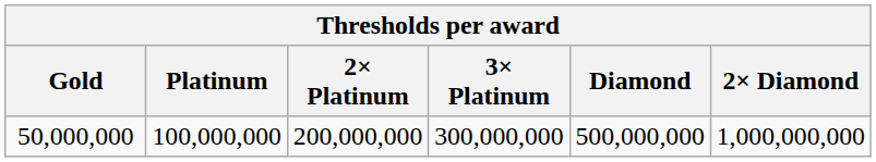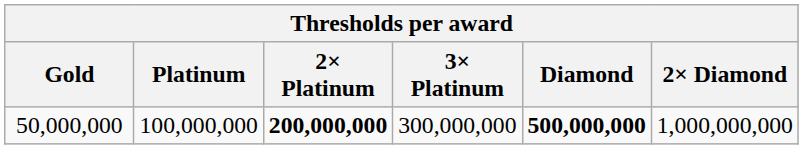 <table class=wikitable>
 <tr>
 <th colspan="6">Thresholds per award</th>
 </tr>
 <tr>
 <th>Gold</th>
 <th>Platinum</th>
 <th>2× Platinum</th>
 <th>3× Platinum</th>
 <th>Diamond</th>
 <th>2× Diamond</th>
 </tr>
 <tr>
 <td align="center" width="80">50,000,000</td>
 <td align="center" width="80">100,000,000</td>
-<td align="center" width="80">200,000,000</td>
+<td align="center" width="80"><strong>200,000,000</strong></td>
 <td align="center" width="80">300,000,000</td>
-<td align="center" width="80">500,000,000</td>
+<td align="center" width="80"><strong>500,000,000</strong></td>
 <td align="center" width="80">1,000,000,000</td>
 </tr>
 </table>
